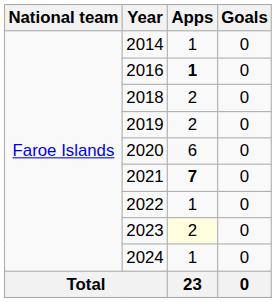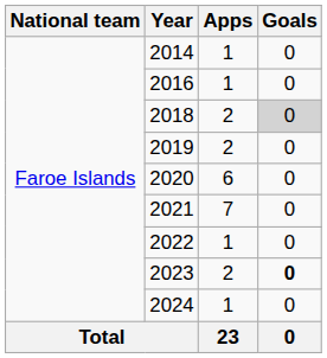 <table class="wikitable" style="text-align: center;">
 <tr>
 <th>National team</th>
 <th>Year</th>
 <th>Apps</th>
 <th>Goals</th>
 </tr>
 <tr>
 <td rowspan="9"><a href='#'>Faroe Islands</a></td>
 <td>2014</td>
 <td>1</td>
 <td>0</td>
 </tr>
 <tr>
 <td>2016</td>
-<td><strong>1</strong></td>
+<td>1</td>
 <td>0</td>
 </tr>
 <tr>
 <td>2018</td>
 <td>2</td>
-<td>0</td>
+<td style="background: lightgrey;">0</td>
 </tr>
 <tr>
 <td>2019</td>
 <td>2</td>
 <td>0</td>
 </tr>
 <tr>
 <td>2020</td>
 <td>6</td>
 <td>0</td>
 </tr>
 <tr>
 <td>2021</td>
-<td><strong>7</strong></td>
+<td>7</td>
 <td>0</td>
 </tr>
 <tr>
 <td>2022</td>
 <td>1</td>
 <td>0</td>
 </tr>
 <tr>
 <td>2023</td>
-<td style="background: lightyellow;">2</td>
-<td>0</td>
+<td>2</td>
+<td><strong>0</strong></td>
 </tr>
 <tr>
 <td>2024</td>
 <td>1</td>
 <td>0</td>
 </tr>
 <tr>
 <th colspan="2">Total</th>
 <th>23</th>
 <th>0</th>
 </tr>
 </table>
